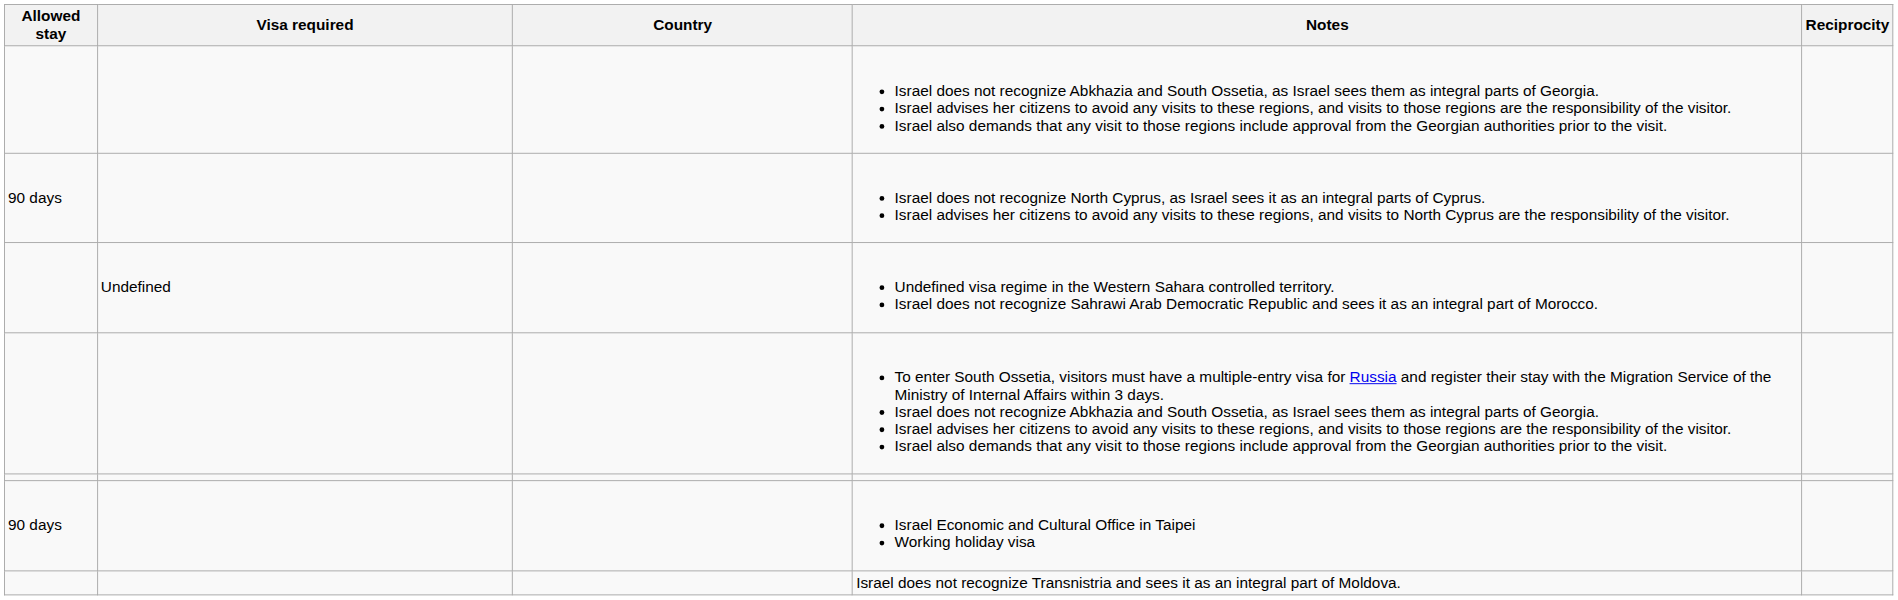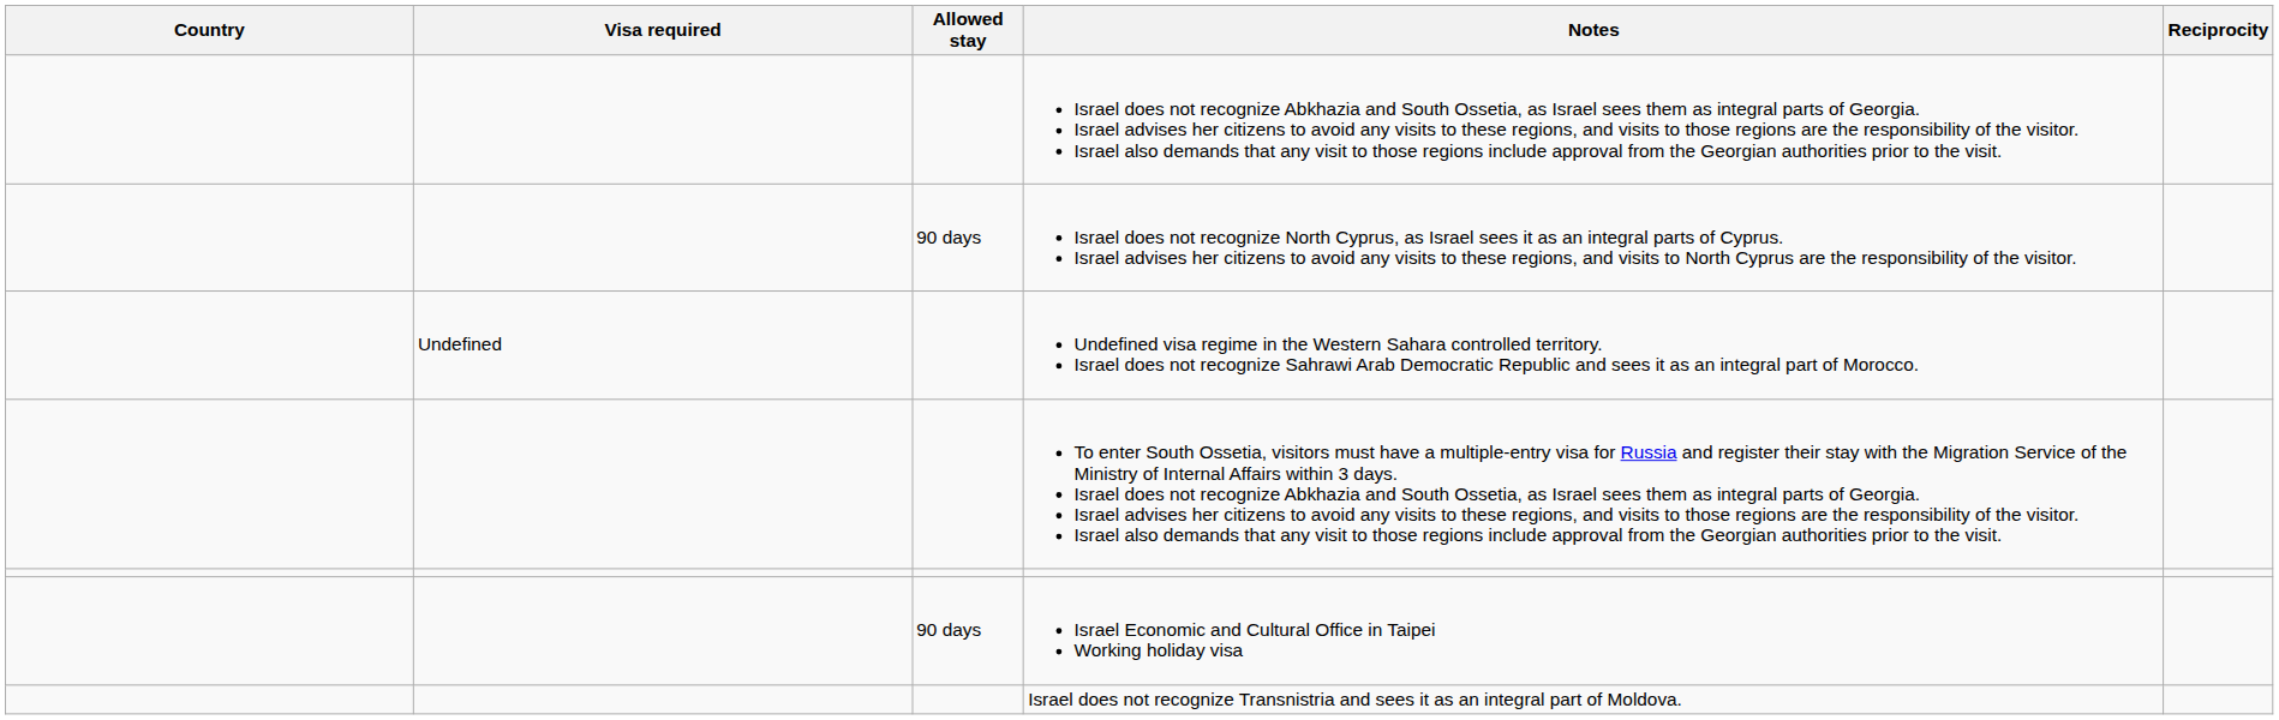 <table class="wikitable">
 <tr>
+<th style="width:18%;">Country</th>
+<th style="width:22%;">Visa required</th>
 <th>Allowed stay</th>
-<th style="width:22%;">Visa required</th>
-<th style="width:18%;">Country</th>
 <th>Notes</th>
 <th>Reciprocity</th>
 </tr>
 <tr>
 <td></td>
 <td></td>
 <td></td>
 <td><br><ul><li>Israel does not recognize Abkhazia and South Ossetia, as Israel sees them as integral parts of Georgia.</li><li>Israel advises her citizens to avoid any visits to these regions, and visits to those regions are the responsibility of the visitor.</li><li>Israel also demands that any visit to those regions include approval from the Georgian authorities prior to the visit.</li></ul></td>
 <td></td>
 </tr>
 <tr>
-<td>90 days</td>
 <td></td>
 <td></td>
+<td>90 days</td>
 <td><br><ul><li>Israel does not recognize North Cyprus, as Israel sees it as an integral parts of Cyprus.</li><li>Israel advises her citizens to avoid any visits to these regions, and visits to North Cyprus are the responsibility of the visitor.</li></ul></td>
 <td></td>
 </tr>
 <tr>
 <td></td>
 <td>Undefined</td>
 <td></td>
 <td><br><ul><li>Undefined visa regime in the Western Sahara controlled territory.</li><li>Israel does not recognize Sahrawi Arab Democratic Republic and sees it as an integral part of Morocco.</li></ul></td>
 <td></td>
 </tr>
 <tr>
 <td></td>
 <td></td>
 <td></td>
 <td><br><ul><li>To enter South Ossetia, visitors must have a multiple-entry visa for <a href='#'>Russia</a> and register their stay with the Migration Service of the Ministry of Internal Affairs within 3 days.</li><li>Israel does not recognize Abkhazia and South Ossetia, as Israel sees them as integral parts of Georgia.</li><li>Israel advises her citizens to avoid any visits to these regions, and visits to those regions are the responsibility of the visitor.</li><li>Israel also demands that any visit to those regions include approval from the Georgian authorities prior to the visit.</li></ul></td>
 <td></td>
 </tr>
 <tr>
 <td></td>
 <td></td>
 <td></td>
 <td></td>
 <td></td>
 </tr>
 <tr>
-<td>90 days</td>
 <td></td>
 <td></td>
+<td>90 days</td>
 <td><br><ul><li>Israel Economic and Cultural Office in Taipei</li><li>Working holiday visa</li></ul></td>
 <td></td>
 </tr>
 <tr>
 <td></td>
 <td></td>
 <td></td>
 <td>Israel does not recognize Transnistria and sees it as an integral part of Moldova.</td>
 <td></td>
 </tr>
 </table>
